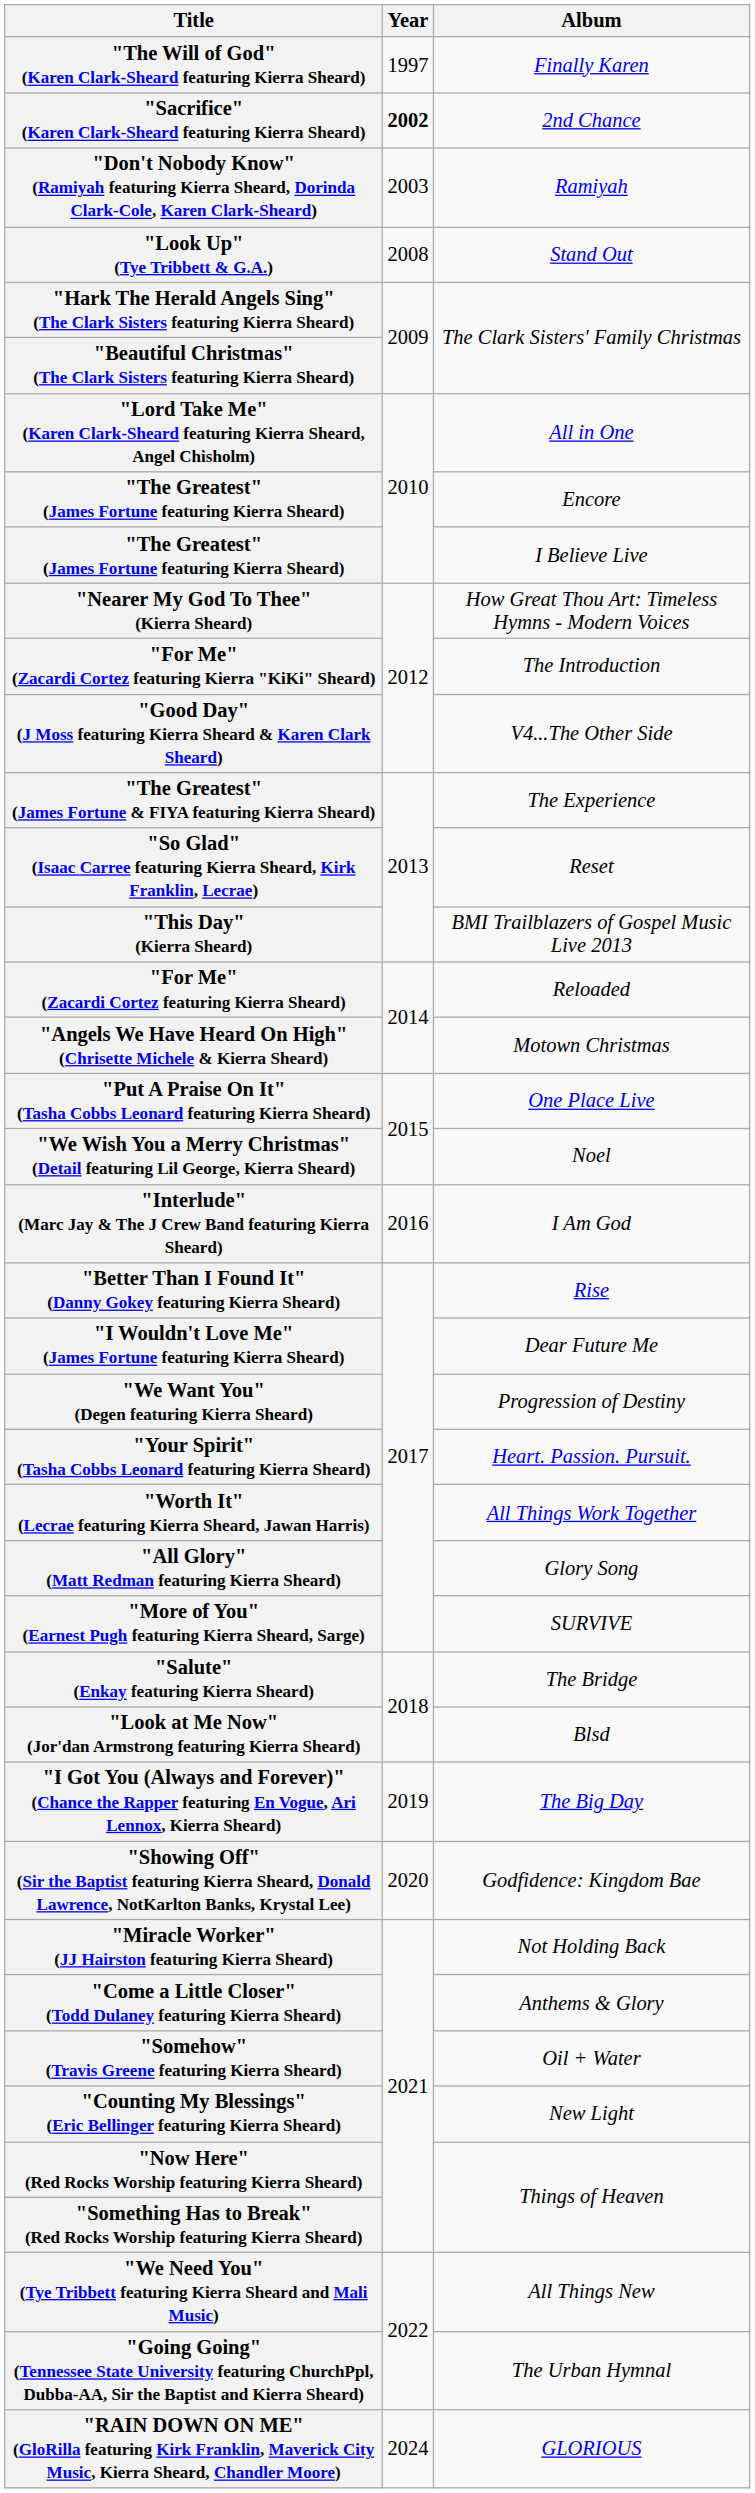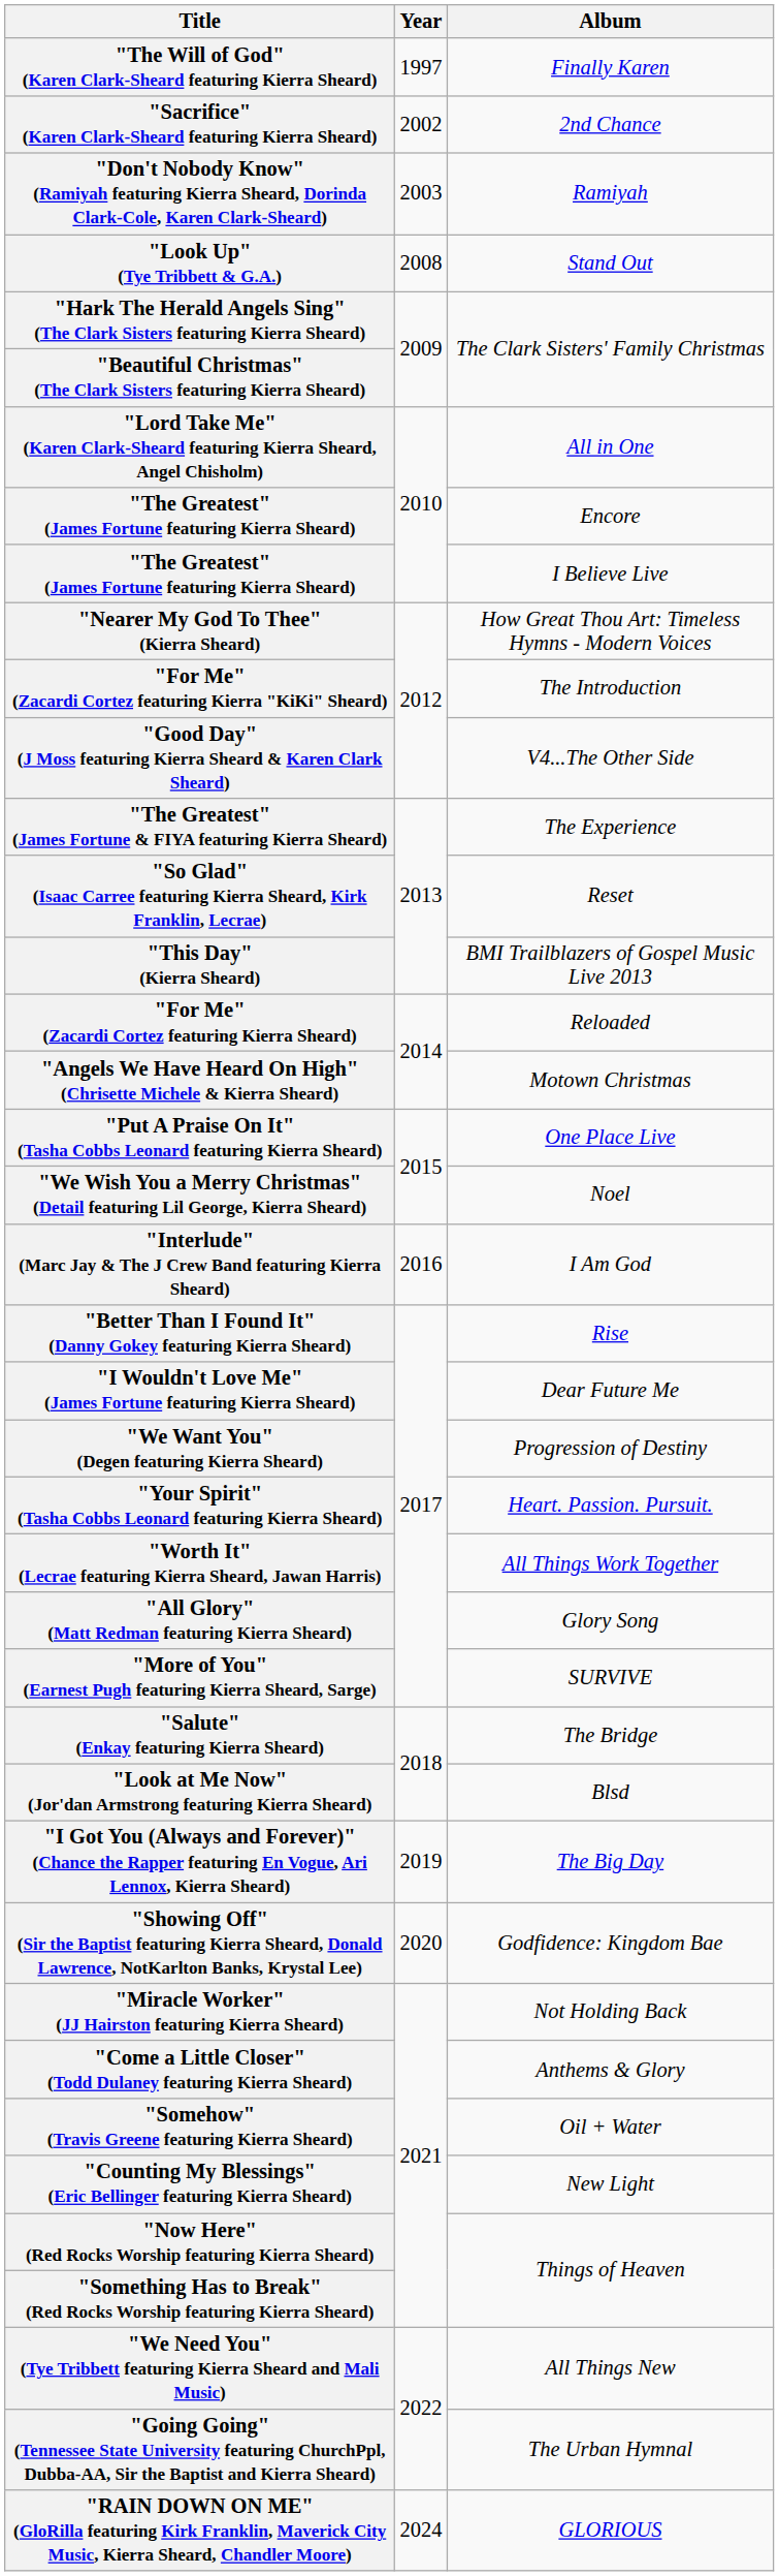 <table class="wikitable plainrowheaders" style="text-align:center;" border="1">
 <tr>
 <th scope="col" style="width:18em;">Title</th>
 <th scope="col" style="width:1em;">Year</th>
 <th scope="col" style="width:15em;">Album</th>
 </tr>
 <tr>
 <th scope="row">"The Will of God"<br><small>(<a href='#'>Karen Clark-Sheard</a> featuring Kierra Sheard)</small></th>
 <td rowspan="1">1997</td>
 <td><em><a href='#'>Finally Karen</a></em></td>
 </tr>
 <tr>
 <th scope="row">"Sacrifice"<br><small>(<a href='#'>Karen Clark-Sheard</a> featuring Kierra Sheard)</small></th>
-<td rowspan="1"><strong>2002</strong></td>
+<td rowspan="1">2002</td>
 <td><em><a href='#'>2nd Chance</a></em></td>
 </tr>
 <tr>
 <th scope="row">"Don't Nobody Know"<br><small>(<a href='#'>Ramiyah</a> featuring Kierra Sheard, <a href='#'>Dorinda Clark-Cole</a>, <a href='#'>Karen Clark-Sheard</a>)</small></th>
 <td rowspan="1">2003</td>
 <td><em><a href='#'>Ramiyah</a></em></td>
 </tr>
 <tr>
 <th scope="row">"Look Up"<br><small>(<a href='#'>Tye Tribbett & G.A.</a>)</small></th>
 <td rowspan="1">2008</td>
 <td><em><a href='#'>Stand Out</a></em></td>
 </tr>
 <tr>
 <th scope="row">"Hark The Herald Angels Sing"<br><small>(<a href='#'>The Clark Sisters</a> featuring Kierra Sheard)</small></th>
 <td rowspan="2">2009</td>
 <td rowspan="2"><em>The Clark Sisters' Family Christmas</em></td>
 </tr>
 <tr>
 <th scope="row">"Beautiful Christmas"<br><small>(<a href='#'>The Clark Sisters</a> featuring Kierra Sheard)</small></th>
 </tr>
 <tr>
 <th scope="row">"Lord Take Me"<br><small>(<a href='#'>Karen Clark-Sheard</a> featuring Kierra Sheard, Angel Chisholm)</small></th>
 <td rowspan="3">2010</td>
 <td><em><a href='#'>All in One</a></em></td>
 </tr>
 <tr>
 <th scope="row">"The Greatest"<br><small>(<a href='#'>James Fortune</a> featuring Kierra Sheard)</small></th>
 <td><em>Encore</em></td>
 </tr>
 <tr>
 <th scope="row">"The Greatest"<br><small>(<a href='#'>James Fortune</a> featuring Kierra Sheard)</small></th>
 <td><em>I Believe Live</em></td>
 </tr>
 <tr>
 <th scope="row">"Nearer My God To Thee"<br><small>(Kierra Sheard)</small></th>
 <td rowspan="3">2012</td>
 <td><em>How Great Thou Art: Timeless Hymns - Modern Voices</em></td>
 </tr>
 <tr>
 <th scope="row">"For Me"<br><small>(<a href='#'>Zacardi Cortez</a> featuring Kierra "KiKi" Sheard)</small></th>
 <td><em>The Introduction</em></td>
 </tr>
 <tr>
 <th scope="row">"Good Day"<br><small>(<a href='#'>J Moss</a> featuring Kierra Sheard & <a href='#'>Karen Clark Sheard</a>)</small></th>
 <td><em>V4...The Other Side</em></td>
 </tr>
 <tr>
 <th scope="row">"The Greatest"<br><small>(<a href='#'>James Fortune</a> & FIYA featuring Kierra Sheard)</small></th>
 <td rowspan="3">2013</td>
 <td><em>The Experience</em></td>
 </tr>
 <tr>
 <th scope="row">"So Glad"<br><small>(<a href='#'>Isaac Carree</a> featuring Kierra Sheard, <a href='#'>Kirk Franklin</a>, <a href='#'>Lecrae</a>)</small></th>
 <td><em>Reset</em></td>
 </tr>
 <tr>
 <th scope="row">"This Day"<br><small>(Kierra Sheard)</small></th>
 <td><em>BMI Trailblazers of Gospel Music Live 2013</em></td>
 </tr>
 <tr>
 <th scope="row">"For Me"<br><small>(<a href='#'>Zacardi Cortez</a> featuring Kierra Sheard)</small></th>
 <td rowspan="2">2014</td>
 <td><em>Reloaded</em></td>
 </tr>
 <tr>
 <th scope="row">"Angels We Have Heard On High"<br><small>(<a href='#'>Chrisette Michele</a> & Kierra Sheard)</small></th>
 <td><em>Motown Christmas</em></td>
 </tr>
 <tr>
 <th scope="row">"Put A Praise On It"<br><small>(<a href='#'>Tasha Cobbs Leonard</a> featuring Kierra Sheard)</small></th>
 <td rowspan="2">2015</td>
 <td><em><a href='#'>One Place Live</a></em></td>
 </tr>
 <tr>
 <th scope="row">"We Wish You a Merry Christmas"<br><small>(<a href='#'>Detail</a> featuring Lil George, Kierra Sheard)</small></th>
 <td><em>Noel</em></td>
 </tr>
 <tr>
 <th scope="row">"Interlude"<br><small>(Marc Jay & The J Crew Band featuring Kierra Sheard)</small></th>
 <td>2016</td>
 <td><em>I Am God</em></td>
 </tr>
 <tr>
 <th scope="row">"Better Than I Found It"<br><small>(<a href='#'>Danny Gokey</a> featuring Kierra Sheard)</small></th>
 <td rowspan="7">2017</td>
 <td><em><a href='#'>Rise</a></em></td>
 </tr>
 <tr>
 <th scope="row">"I Wouldn't Love Me"<br><small>(<a href='#'>James Fortune</a> featuring Kierra Sheard)</small></th>
 <td><em>Dear Future Me</em></td>
 </tr>
 <tr>
 <th scope="row">"We Want You"<br><small>(Degen featuring Kierra Sheard)</small></th>
 <td><em>Progression of Destiny</em></td>
 </tr>
 <tr>
 <th scope="row">"Your Spirit"<br><small>(<a href='#'>Tasha Cobbs Leonard</a> featuring Kierra Sheard)</small></th>
 <td><em><a href='#'>Heart. Passion. Pursuit.</a></em></td>
 </tr>
 <tr>
 <th scope="row">"Worth It"<br><small>(<a href='#'>Lecrae</a> featuring Kierra Sheard, Jawan Harris)</small></th>
 <td><em><a href='#'>All Things Work Together</a></em></td>
 </tr>
 <tr>
 <th scope="row">"All Glory"<br><small>(<a href='#'>Matt Redman</a> featuring Kierra Sheard)</small></th>
 <td><em>Glory Song</em></td>
 </tr>
 <tr>
 <th scope="row">"More of You"<br><small>(<a href='#'>Earnest Pugh</a> featuring Kierra Sheard, Sarge)</small></th>
 <td><em>SURVIVE</em></td>
 </tr>
 <tr>
 <th scope="row">"Salute"<br><small>(<a href='#'>Enkay</a> featuring Kierra Sheard)</small></th>
 <td rowspan="2">2018</td>
 <td><em>The Bridge</em></td>
 </tr>
 <tr>
 <th scope="row">"Look at Me Now"<br><small>(Jor'dan Armstrong featuring Kierra Sheard)</small></th>
 <td><em>Blsd</em></td>
 </tr>
 <tr>
 <th scope="row">"I Got You (Always and Forever)"<br><small>(<a href='#'>Chance the Rapper</a> featuring <a href='#'>En Vogue</a>, <a href='#'>Ari Lennox</a>, Kierra Sheard)</small></th>
 <td>2019</td>
 <td><em><a href='#'>The Big Day</a></em></td>
 </tr>
 <tr>
 <th scope="row">"Showing Off"<br><small>(<a href='#'>Sir the Baptist</a> featuring Kierra Sheard, <a href='#'>Donald Lawrence</a>, NotKarlton Banks, Krystal Lee)</small></th>
 <td>2020</td>
 <td><em>Godfidence: Kingdom Bae</em></td>
 </tr>
 <tr>
 <th scope="row">"Miracle Worker"<br><small>(<a href='#'>JJ Hairston</a> featuring Kierra Sheard)</small></th>
 <td rowspan="6">2021</td>
 <td><em>Not Holding Back</em></td>
 </tr>
 <tr>
 <th scope="row">"Come a Little Closer"<br><small>(<a href='#'>Todd Dulaney</a> featuring Kierra Sheard)</small></th>
 <td><em>Anthems & Glory</em></td>
 </tr>
 <tr>
 <th scope="row">"Somehow"<br><small>(<a href='#'>Travis Greene</a> featuring Kierra Sheard)</small></th>
 <td><em>Oil + Water</em></td>
 </tr>
 <tr>
 <th scope="row">"Counting My Blessings"<br><small>(<a href='#'>Eric Bellinger</a> featuring Kierra Sheard)</small></th>
 <td><em>New Light</em></td>
 </tr>
 <tr>
 <th scope="row">"Now Here"<br><small>(Red Rocks Worship featuring Kierra Sheard)</small></th>
 <td rowspan="2"><em>Things of Heaven</em></td>
 </tr>
 <tr>
 <th scope="row">"Something Has to Break"<br><small>(Red Rocks Worship featuring Kierra Sheard)</small></th>
 </tr>
 <tr>
 <th scope="row">"We Need You"<br><small>(<a href='#'>Tye Tribbett</a> featuring Kierra Sheard and <a href='#'>Mali Music</a>)</small></th>
 <td rowspan="2">2022</td>
 <td><em>All Things New</em></td>
 </tr>
 <tr>
 <th scope="row">"Going Going"<br><small>(<a href='#'>Tennessee State University</a> featuring ChurchPpl, Dubba-AA, Sir the Baptist and Kierra Sheard)</small></th>
 <td><em>The Urban Hymnal</em></td>
 </tr>
 <tr>
 <th scope="row">"RAIN DOWN ON ME"<br><small>(<a href='#'>GloRilla</a> featuring <a href='#'>Kirk Franklin</a>, <a href='#'>Maverick City Music</a>, Kierra Sheard, <a href='#'>Chandler Moore</a>)</small></th>
 <td rowspan="1">2024</td>
 <td><em><a href='#'>GLORIOUS</a></em></td>
 </tr>
 </table>
